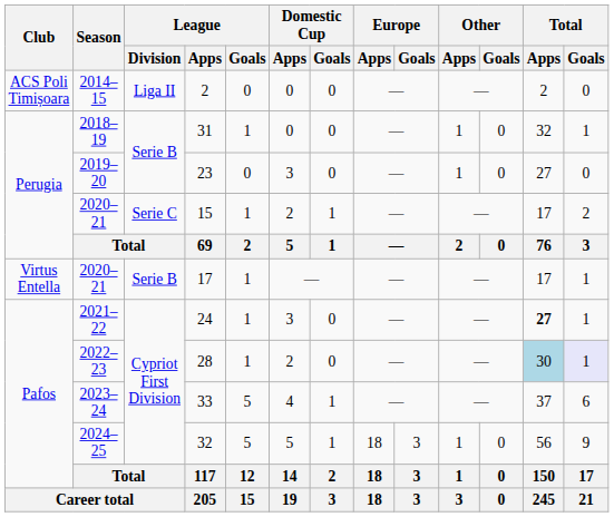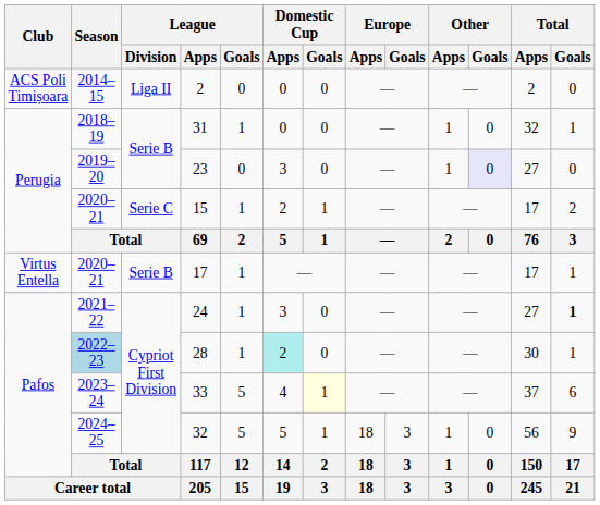 <table class="wikitable" style="font-size:100%; text-align: center;">
 <tr>
 <th rowspan="2">Club</th>
 <th rowspan="2">Season</th>
 <th colspan="3">League</th>
 <th colspan="2">Domestic Cup</th>
 <th colspan="2">Europe</th>
 <th colspan="2">Other</th>
 <th colspan="2">Total</th>
 </tr>
 <tr>
 <th>Division</th>
 <th>Apps</th>
 <th>Goals</th>
 <th>Apps</th>
 <th>Goals</th>
 <th>Apps</th>
 <th>Goals</th>
 <th>Apps</th>
 <th>Goals</th>
 <th>Apps</th>
 <th>Goals</th>
 </tr>
 <tr>
 <td rowspan="1"><a href='#'>ACS Poli Timișoara</a></td>
 <td><a href='#'>2014–15</a></td>
 <td><a href='#'>Liga II</a></td>
 <td>2</td>
 <td>0</td>
 <td>0</td>
 <td>0</td>
 <td colspan="2">—</td>
 <td colspan="2">—</td>
 <td>2</td>
 <td>0</td>
 </tr>
 <tr>
 <td rowspan="4"><a href='#'>Perugia</a></td>
 <td><a href='#'>2018–19</a></td>
 <td rowspan="2"><a href='#'>Serie B</a></td>
 <td>31</td>
 <td>1</td>
 <td>0</td>
 <td>0</td>
 <td colspan="2">—</td>
 <td>1</td>
 <td>0</td>
 <td>32</td>
 <td>1</td>
 </tr>
 <tr>
 <td><a href='#'>2019–20</a></td>
 <td>23</td>
 <td>0</td>
 <td>3</td>
 <td>0</td>
 <td colspan="2">—</td>
 <td>1</td>
-<td>0</td>
+<td style="background: lavender;">0</td>
 <td>27</td>
 <td>0</td>
 </tr>
 <tr>
 <td><a href='#'>2020–21</a></td>
 <td><a href='#'>Serie C</a></td>
 <td>15</td>
 <td>1</td>
 <td>2</td>
 <td>1</td>
 <td colspan="2">—</td>
 <td colspan="2">—</td>
 <td>17</td>
 <td>2</td>
 </tr>
 <tr>
 <th colspan="2">Total</th>
 <th>69</th>
 <th>2</th>
 <th>5</th>
 <th>1</th>
 <th colspan="2">—</th>
 <th>2</th>
 <th>0</th>
 <th>76</th>
 <th>3</th>
 </tr>
 <tr>
 <td><a href='#'>Virtus Entella</a></td>
 <td><a href='#'>2020–21</a></td>
 <td><a href='#'>Serie B</a></td>
 <td>17</td>
 <td>1</td>
 <td colspan="2">—</td>
 <td colspan="2">—</td>
 <td colspan="2">—</td>
 <td>17</td>
 <td>1</td>
 </tr>
 <tr>
 <td rowspan="5"><a href='#'>Pafos</a></td>
 <td><a href='#'>2021–22</a></td>
 <td rowspan="4"><a href='#'>Cypriot First Division</a></td>
 <td>24</td>
 <td>1</td>
 <td>3</td>
 <td>0</td>
 <td colspan="2">—</td>
 <td colspan="2">—</td>
-<td><strong>27</strong></td>
-<td>1</td>
+<td>27</td>
+<td><strong>1</strong></td>
 </tr>
 <tr>
-<td><a href='#'>2022–23</a></td>
+<td style="background: lightblue;"><a href='#'>2022–23</a></td>
 <td>28</td>
 <td>1</td>
-<td>2</td>
+<td style="background: paleturquoise;">2</td>
 <td>0</td>
 <td colspan="2">—</td>
 <td colspan="2">—</td>
-<td style="background: lightblue;">30</td>
-<td style="background: lavender;">1</td>
+<td>30</td>
+<td>1</td>
 </tr>
 <tr>
 <td><a href='#'>2023–24</a></td>
 <td>33</td>
 <td>5</td>
 <td>4</td>
-<td>1</td>
+<td style="background: lightyellow;">1</td>
 <td colspan="2">—</td>
 <td colspan="2">—</td>
 <td>37</td>
 <td>6</td>
 </tr>
 <tr>
 <td><a href='#'>2024–25</a></td>
 <td>32</td>
 <td>5</td>
 <td>5</td>
 <td>1</td>
 <td>18</td>
 <td>3</td>
 <td>1</td>
 <td>0</td>
 <td>56</td>
 <td>9</td>
 </tr>
 <tr>
 <th colspan="2">Total</th>
 <th>117</th>
 <th>12</th>
 <th>14</th>
 <th>2</th>
 <th>18</th>
 <th>3</th>
 <th>1</th>
 <th>0</th>
 <th>150</th>
 <th>17</th>
 </tr>
 <tr>
 <th colspan="3">Career total</th>
 <th>205</th>
 <th>15</th>
 <th>19</th>
 <th>3</th>
 <th>18</th>
 <th>3</th>
 <th>3</th>
 <th>0</th>
 <th>245</th>
 <th>21</th>
 </tr>
 </table>
